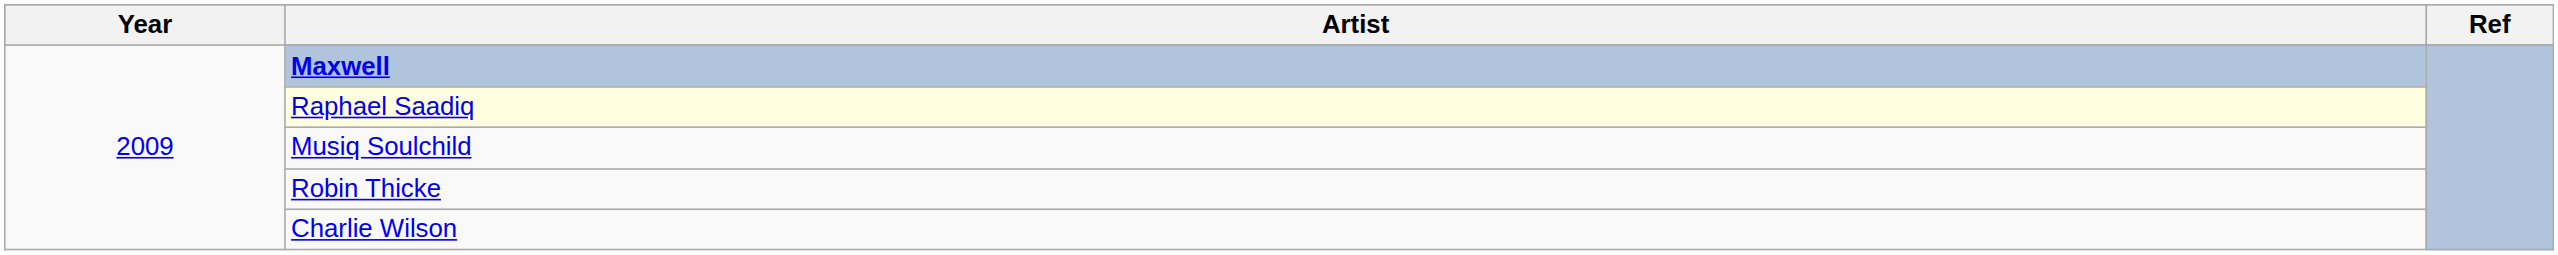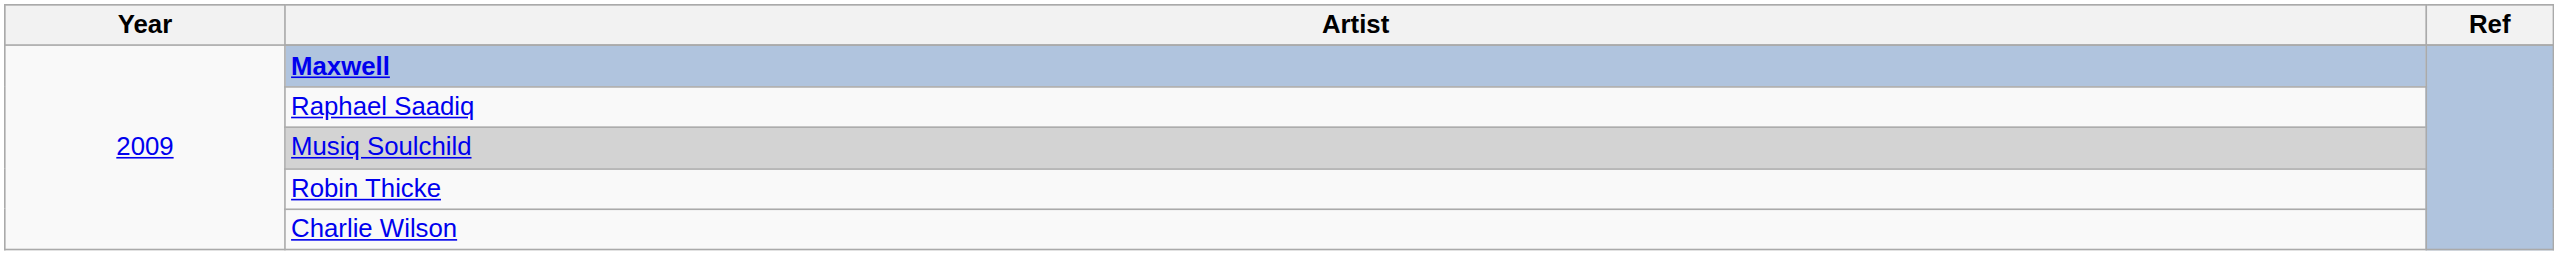 <table class="wikitable" style="width:100%;">
 <tr style="background:#bebebe;">
 <th style="width:11%;">Year</th>
 <th style="width:84%;">Artist</th>
 <th style="width:5%;">Ref</th>
 </tr>
 <tr>
 <td rowspan="6" align="center"><a href='#'>2009</a></td>
 </tr>
 <tr style="background:#B0C4DE">
 <td><strong><a href='#'>Maxwell</a></strong></td>
 <td rowspan="6" align="center"></td>
 </tr>
 <tr>
-<td style="background: lightyellow;"><a href='#'>Raphael Saadiq</a></td>
+<td><a href='#'>Raphael Saadiq</a></td>
 </tr>
 <tr>
-<td><a href='#'>Musiq Soulchild</a></td>
+<td style="background: lightgrey;"><a href='#'>Musiq Soulchild</a></td>
 </tr>
 <tr>
 <td><a href='#'>Robin Thicke</a></td>
 </tr>
 <tr>
 <td><a href='#'>Charlie Wilson</a></td>
 </tr>
 </table>
